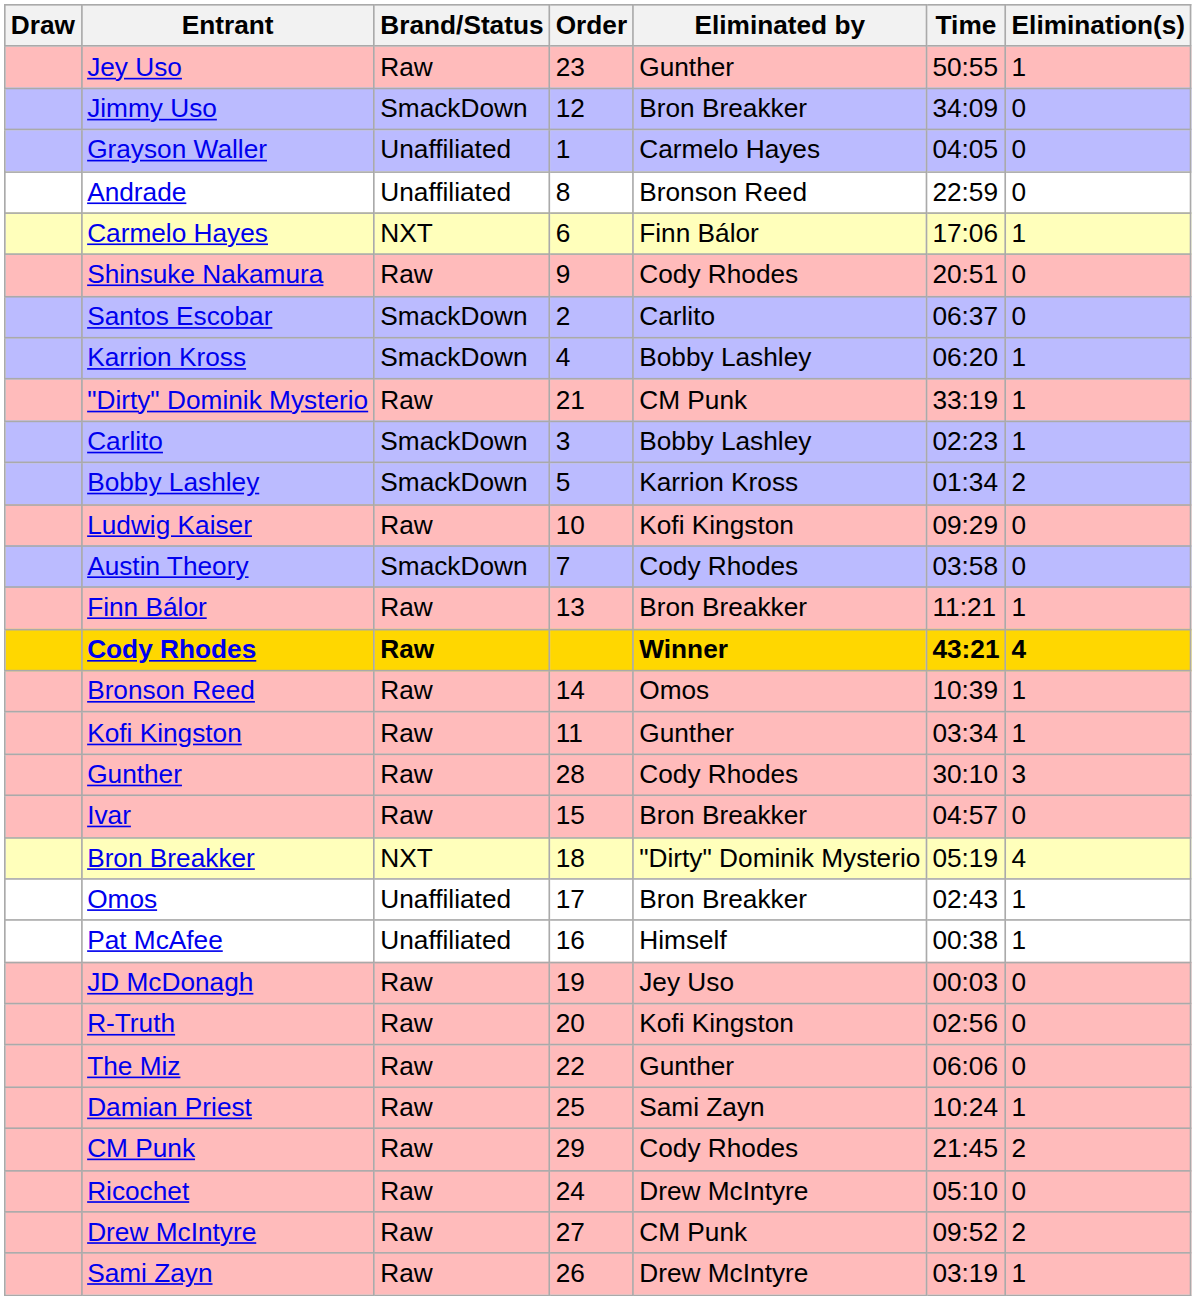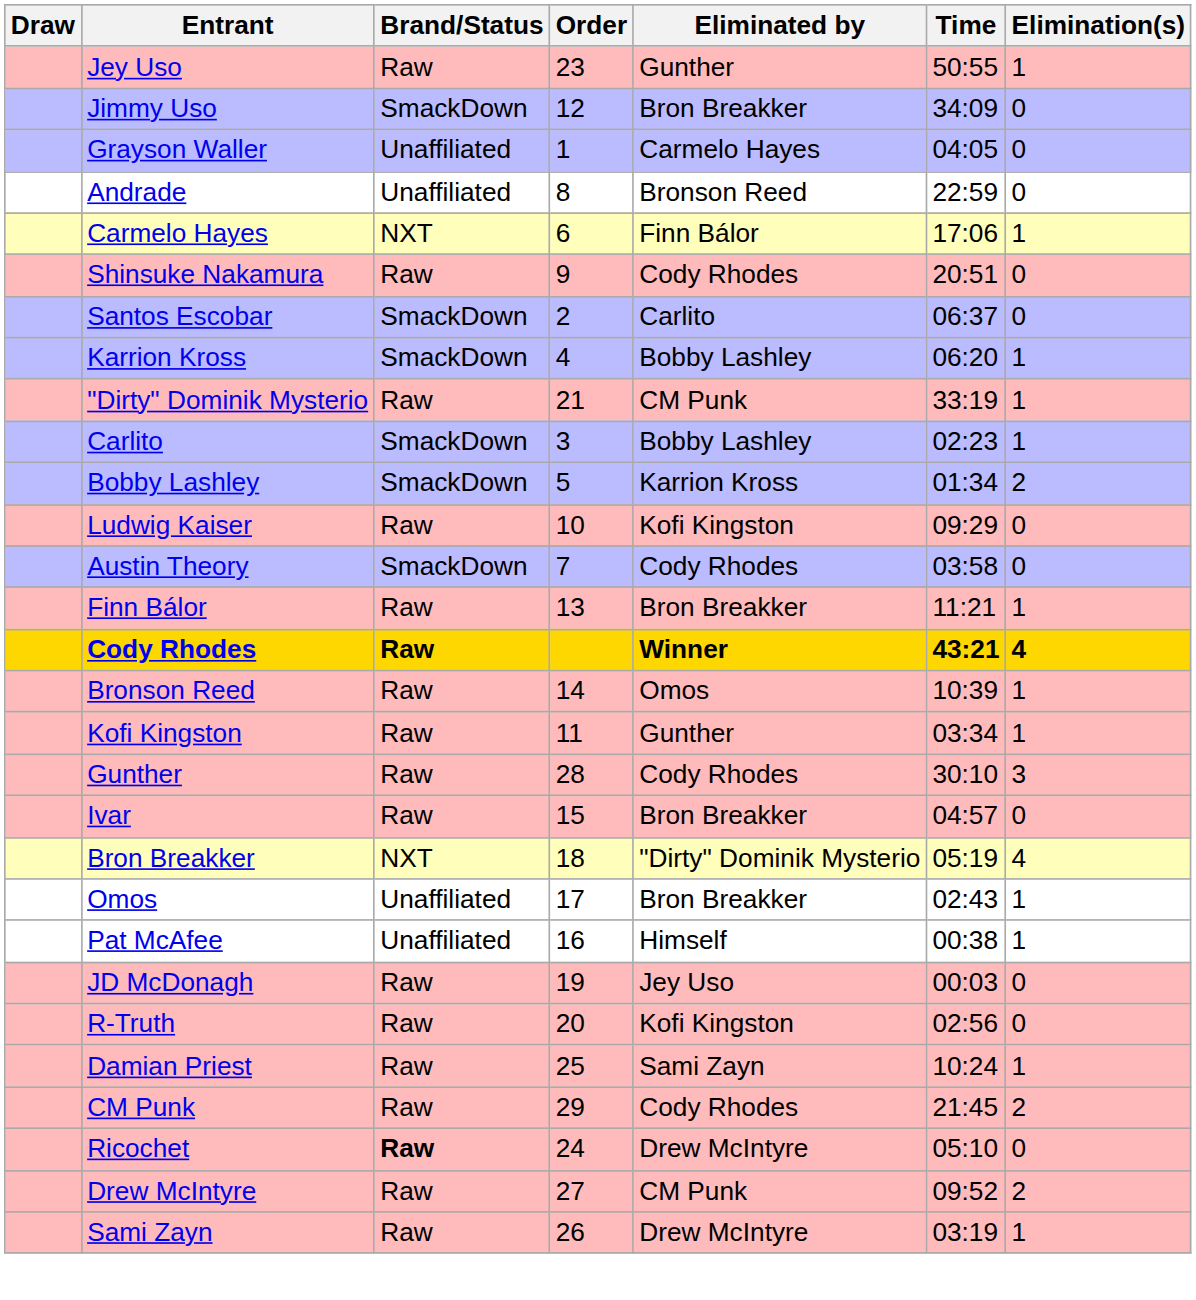 <table class="wikitable sortable">
 <tr>
 <th>Draw</th>
 <th>Entrant</th>
 <th>Brand/Status</th>
 <th>Order</th>
 <th>Eliminated by</th>
 <th>Time</th>
 <th>Elimination(s)</th>
 </tr>
 <tr style="background: #FBB;">
 <td></td>
 <td><a href='#'>Jey Uso</a></td>
 <td>Raw</td>
 <td>23</td>
 <td>Gunther</td>
 <td>50:55</td>
 <td>1</td>
 </tr>
 <tr style="background: #BBF;">
 <td></td>
 <td><a href='#'>Jimmy Uso</a></td>
 <td>SmackDown</td>
 <td>12</td>
 <td>Bron Breakker</td>
 <td>34:09</td>
 <td>0</td>
 </tr>
 <tr style="background: #BBF;">
 <td></td>
 <td><a href='#'>Grayson Waller</a></td>
 <td>Unaffiliated</td>
 <td>1</td>
 <td>Carmelo Hayes</td>
 <td>04:05</td>
 <td>0</td>
 </tr>
 <tr style="background: #FFF;">
 <td></td>
 <td><a href='#'>Andrade</a></td>
 <td>Unaffiliated</td>
 <td>8</td>
 <td>Bronson Reed</td>
 <td>22:59</td>
 <td>0</td>
 </tr>
 <tr style="background: #FFB;">
 <td></td>
 <td><a href='#'>Carmelo Hayes</a></td>
 <td>NXT</td>
 <td>6</td>
 <td>Finn Bálor</td>
 <td>17:06</td>
 <td>1</td>
 </tr>
 <tr style="background: #FBB;">
 <td></td>
 <td><a href='#'>Shinsuke Nakamura</a></td>
 <td>Raw</td>
 <td>9</td>
 <td>Cody Rhodes</td>
 <td>20:51</td>
 <td>0</td>
 </tr>
 <tr style="background: #BBF;">
 <td></td>
 <td><a href='#'>Santos Escobar</a></td>
 <td>SmackDown</td>
 <td>2</td>
 <td>Carlito</td>
 <td>06:37</td>
 <td>0</td>
 </tr>
 <tr style="background: #BBF;">
 <td></td>
 <td><a href='#'>Karrion Kross</a></td>
 <td>SmackDown</td>
 <td>4</td>
 <td>Bobby Lashley</td>
 <td>06:20</td>
 <td>1</td>
 </tr>
 <tr style="background: #FBB;">
 <td></td>
 <td><a href='#'>"Dirty" Dominik Mysterio</a></td>
 <td>Raw</td>
 <td>21</td>
 <td>CM Punk</td>
 <td>33:19</td>
 <td>1</td>
 </tr>
 <tr style="background: #BBF;">
 <td></td>
 <td><a href='#'>Carlito</a></td>
 <td>SmackDown</td>
 <td>3</td>
 <td>Bobby Lashley</td>
 <td>02:23</td>
 <td>1</td>
 </tr>
 <tr style="background: #BBF;">
 <td></td>
 <td><a href='#'>Bobby Lashley</a></td>
 <td>SmackDown</td>
 <td>5</td>
 <td>Karrion Kross</td>
 <td>01:34</td>
 <td>2</td>
 </tr>
 <tr style="background: #FBB;">
 <td></td>
 <td><a href='#'>Ludwig Kaiser</a></td>
 <td>Raw</td>
 <td>10</td>
 <td>Kofi Kingston</td>
 <td>09:29</td>
 <td>0</td>
 </tr>
 <tr style="background: #BBF;">
 <td></td>
 <td><a href='#'>Austin Theory</a></td>
 <td>SmackDown</td>
 <td>7</td>
 <td>Cody Rhodes</td>
 <td>03:58</td>
 <td>0</td>
 </tr>
 <tr style="background: #FBB;">
 <td></td>
 <td><a href='#'>Finn Bálor</a></td>
 <td>Raw</td>
 <td>13</td>
 <td>Bron Breakker</td>
 <td>11:21</td>
 <td>1</td>
 </tr>
 <tr style="background: gold; font-weight:bold">
 <td></td>
 <td><a href='#'>Cody Rhodes</a></td>
 <td>Raw</td>
 <td></td>
 <td>Winner</td>
 <td>43:21</td>
 <td>4</td>
 </tr>
 <tr style="background: #FBB;">
 <td></td>
 <td><a href='#'>Bronson Reed</a></td>
 <td>Raw</td>
 <td>14</td>
 <td>Omos</td>
 <td>10:39</td>
 <td>1</td>
 </tr>
 <tr style="background: #FBB;">
 <td></td>
 <td><a href='#'>Kofi Kingston</a></td>
 <td>Raw</td>
 <td>11</td>
 <td>Gunther</td>
 <td>03:34</td>
 <td>1</td>
 </tr>
 <tr style="background: #FBB;">
 <td></td>
 <td><a href='#'>Gunther</a></td>
 <td>Raw</td>
 <td>28</td>
 <td>Cody Rhodes</td>
 <td>30:10</td>
 <td>3</td>
 </tr>
 <tr style="background: #FBB;">
 <td></td>
 <td><a href='#'>Ivar</a></td>
 <td>Raw</td>
 <td>15</td>
 <td>Bron Breakker</td>
 <td>04:57</td>
 <td>0</td>
 </tr>
 <tr style="background: #FFB;">
 <td></td>
 <td><a href='#'>Bron Breakker</a></td>
 <td>NXT</td>
 <td>18</td>
 <td>"Dirty" Dominik Mysterio</td>
 <td>05:19</td>
 <td>4</td>
 </tr>
 <tr style="background: #FFF;">
 <td></td>
 <td><a href='#'>Omos</a></td>
 <td>Unaffiliated</td>
 <td>17</td>
 <td>Bron Breakker</td>
 <td>02:43</td>
 <td>1</td>
 </tr>
 <tr style="background: #FFF;">
 <td></td>
 <td><a href='#'>Pat McAfee</a></td>
 <td>Unaffiliated</td>
 <td>16</td>
 <td>Himself</td>
 <td>00:38</td>
 <td>1</td>
 </tr>
 <tr style="background: #FBB;">
 <td></td>
 <td><a href='#'>JD McDonagh</a></td>
 <td>Raw</td>
 <td>19</td>
 <td>Jey Uso</td>
 <td>00:03</td>
 <td>0</td>
 </tr>
 <tr style="background: #FBB;">
 <td></td>
 <td><a href='#'>R-Truth</a></td>
 <td>Raw</td>
 <td>20</td>
 <td>Kofi Kingston</td>
 <td>02:56</td>
 <td>0</td>
 </tr>
 <tr style="background: #FBB;">
 <td></td>
-<td><a href='#'>The Miz</a></td>
-<td>Raw</td>
-<td>22</td>
-<td>Gunther</td>
-<td>06:06</td>
-<td>0</td>
-</tr>
-<tr style="background: #FBB;">
-<td></td>
 <td><a href='#'>Damian Priest</a></td>
 <td>Raw</td>
 <td>25</td>
 <td>Sami Zayn</td>
 <td>10:24</td>
 <td>1</td>
 </tr>
 <tr style="background: #FBB;">
 <td></td>
 <td><a href='#'>CM Punk</a></td>
 <td>Raw</td>
 <td>29</td>
 <td>Cody Rhodes</td>
 <td>21:45</td>
 <td>2</td>
 </tr>
 <tr style="background: #FBB;">
 <td></td>
 <td><a href='#'>Ricochet</a></td>
-<td>Raw</td>
+<td><strong>Raw</strong></td>
 <td>24</td>
 <td>Drew McIntyre</td>
 <td>05:10</td>
 <td>0</td>
 </tr>
 <tr style="background: #FBB;">
 <td></td>
 <td><a href='#'>Drew McIntyre</a></td>
 <td>Raw</td>
 <td>27</td>
 <td>CM Punk</td>
 <td>09:52</td>
 <td>2</td>
 </tr>
 <tr style="background: #FBB;">
 <td></td>
 <td><a href='#'>Sami Zayn</a></td>
 <td>Raw</td>
 <td>26</td>
 <td>Drew McIntyre</td>
 <td>03:19</td>
 <td>1</td>
 </tr>
 </table>
